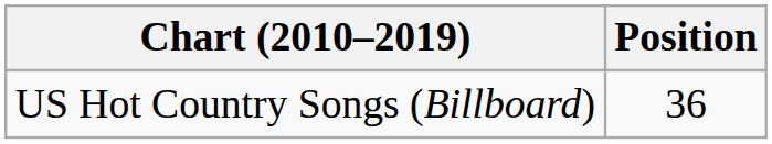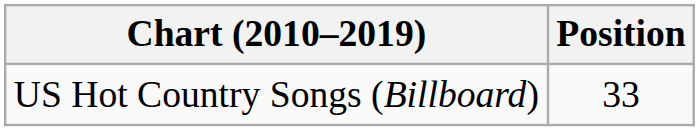 <table class="wikitable">
 <tr>
 <th>Chart (2010–2019)</th>
 <th>Position</th>
 </tr>
 <tr>
 <td>US Hot Country Songs (<em>Billboard</em>)</td>
-<td style="text-align:center;">36</td>
+<td style="text-align:center;">33</td>
 </tr>
 </table>
